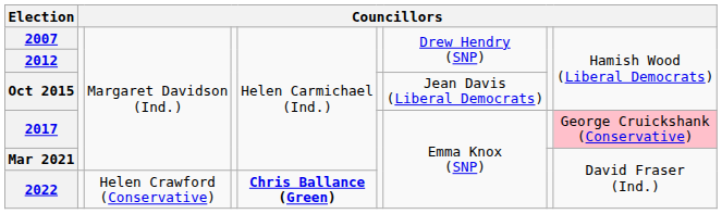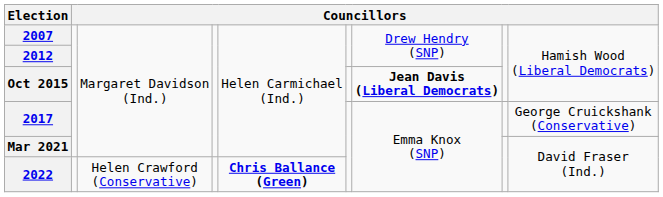 <table class="wikitable" style="text-align:center">
 <tr>
 <th>Election</th>
 <th colspan=8>Councillors</th>
 </tr>
 <tr>
 <th><a href='#'>2007</a></th>
 <td rowspan=5; style="background-color: "></td>
 <td rowspan=5>Margaret Davidson<br>(Ind.)</td>
 <td rowspan=5; style="background-color: "></td>
 <td rowspan=5>Helen Carmichael<br>(Ind.)</td>
 <td rowspan=2; style="background-color: "></td>
 <td rowspan=2><a href='#'>Drew Hendry</a><br>(<a href='#'>SNP</a>)</td>
 <td rowspan=3; style="background-color: "></td>
 <td rowspan=3>Hamish Wood<br>(<a href='#'>Liberal Democrats</a>)</td>
 </tr>
 <tr>
 <th><a href='#'>2012</a></th>
 </tr>
 <tr>
 <th>Oct 2015</th>
 <td rowspan=1; style="background-color: "></td>
-<td rowspan=1>Jean Davis<br>(<a href='#'>Liberal Democrats</a>)</td>
+<td rowspan=1><strong>Jean Davis<br>(<a href='#'>Liberal Democrats</a>)</strong></td>
 </tr>
 <tr>
 <th><a href='#'>2017</a></th>
 <td rowspan=3; style="background-color: "></td>
 <td rowspan=3>Emma Knox<br>(<a href='#'>SNP</a>)</td>
 <td rowspan=1; style="background-color: "></td>
-<td rowspan=1 style="background: pink;">George Cruickshank<br>(<a href='#'>Conservative</a>)</td>
+<td rowspan=1>George Cruickshank<br>(<a href='#'>Conservative</a>)</td>
 </tr>
 <tr>
 <th>Mar 2021</th>
 <td rowspan=2; style="background-color: "></td>
 <td rowspan=2>David Fraser<br>(Ind.)</td>
 </tr>
 <tr>
 <th><a href='#'>2022</a></th>
 <td rowspan=1; style="background-color: "></td>
 <td rowspan=1>Helen Crawford<br>(<a href='#'>Conservative</a>)</td>
 <td rowspan=1; style="background-color: "></td>
 <td rowspan=1><strong><a href='#'>Chris Ballance</a><br>(<a href='#'>Green</a>)</strong></td>
 </tr>
 </table>
